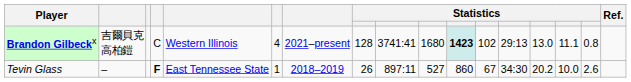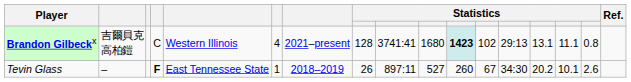 <table class="wikitable sortable" style="font-size:95%; text-align:right;">
 <tr>
 <th rowspan="2">Player</th>
 <th rowspan="2"></th>
 <th rowspan="2"></th>
 <th rowspan="2"></th>
 <th rowspan="2"></th>
 <th rowspan="2"></th>
 <th rowspan="2"></th>
 <th colspan="9">Statistics</th>
 <th rowspan="2">Ref.</th>
 </tr>
 <tr>
 <th></th>
 <th></th>
 <th></th>
 <th></th>
 <th></th>
 <th></th>
 <th></th>
 <th></th>
 <th></th>
 </tr>
 <tr>
 <td align="left" bgcolor="#CCFFCC"><strong><a href='#'>Brandon Gilbeck</a></strong><sup>x</sup></td>
 <td align="left">吉爾貝克<br>高柏鎧</td>
 <td align="center"></td>
 <td align="center">C</td>
 <td align="left"><a href='#'>Western Illinois</a></td>
 <td align="center">4</td>
 <td align="center"><a href='#'>2021</a>–<a href='#'>present</a></td>
 <td>128</td>
 <td>3741:41</td>
 <td>1680</td>
 <td bgcolor="#CFECEC"><strong>1423</strong></td>
 <td>102</td>
 <td>29:13</td>
-<td>13.0</td>
+<td>13.1</td>
 <td>11.1</td>
 <td>0.8</td>
 <td align="center"></td>
 </tr>
 <tr>
 <td align="left"><em>Tevin Glass</em></td>
 <td align="left">–</td>
 <td align="center"></td>
 <td align="center"><strong>F</strong></td>
 <td align="left"><a href='#'>East Tennessee State</a></td>
 <td align="center">1</td>
 <td align="center"><a href='#'>2018–2019</a></td>
 <td>26</td>
 <td>897:11</td>
 <td>527</td>
-<td>860</td>
+<td>260</td>
 <td>67</td>
 <td>34:30</td>
 <td>20.2</td>
-<td>10.0</td>
+<td>10.1</td>
 <td>2.6</td>
 <td align="center"></td>
 </tr>
 </table>
